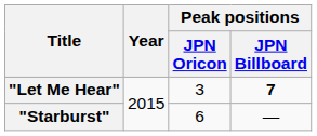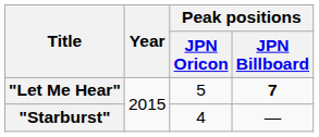 <table class="wikitable plainrowheaders" style="text-align:center;">
 <tr>
 <th scope="col" rowspan="2">Title</th>
 <th scope="col" rowspan="2">Year</th>
 <th scope="col" colspan="2">Peak positions</th>
 </tr>
 <tr>
 <th scope="col" style="width:50px"><a href='#'>JPN<br>Oricon</a></th>
 <th scope="col" style="width:50px"><a href='#'>JPN<br>Billboard</a></th>
 </tr>
 <tr>
 <th scope="row">"Let Me Hear"</th>
 <td rowspan="2">2015</td>
-<td>3</td>
+<td>5</td>
 <td><strong>7</strong></td>
 </tr>
 <tr>
 <th scope="row">"Starburst"</th>
-<td>6</td>
+<td>4</td>
 <td>—</td>
 </tr>
 </table>
